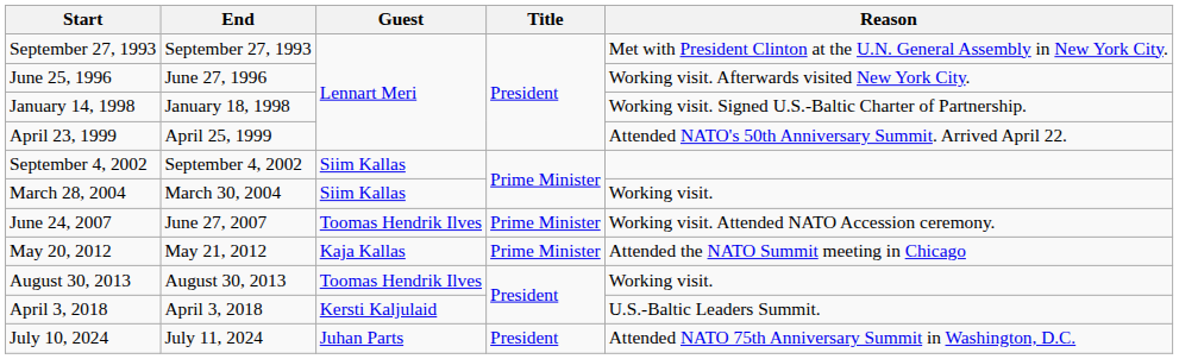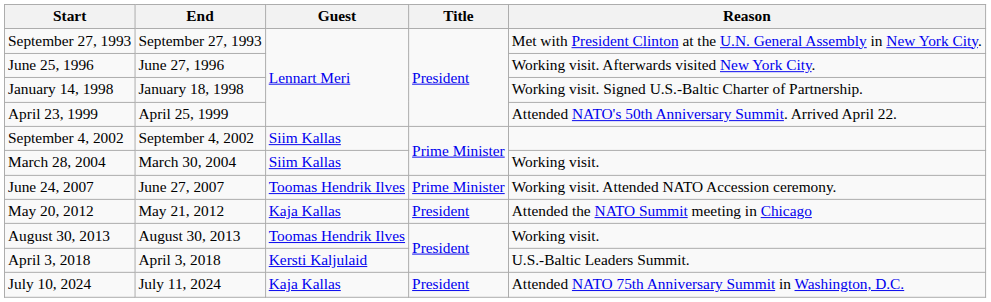 <table class="wikitable sortable">
 <tr>
 <th>Start</th>
 <th>End</th>
 <th>Guest</th>
 <th>Title</th>
 <th>Reason</th>
 </tr>
 <tr>
 <td>September 27, 1993</td>
 <td>September 27, 1993</td>
 <td rowspan=4><a href='#'>Lennart Meri</a></td>
 <td rowspan=4><a href='#'>President</a></td>
 <td>Met with <a href='#'>President Clinton</a> at the <a href='#'>U.N. General Assembly</a> in <a href='#'>New York City</a>.</td>
 </tr>
 <tr>
 <td>June 25, 1996</td>
 <td>June 27, 1996</td>
 <td>Working visit. Afterwards visited <a href='#'>New York City</a>.</td>
 </tr>
 <tr>
 <td>January 14, 1998</td>
 <td>January 18, 1998</td>
 <td>Working visit. Signed U.S.-Baltic Charter of Partnership.</td>
 </tr>
 <tr>
 <td>April 23, 1999</td>
 <td>April 25, 1999</td>
 <td>Attended <a href='#'>NATO's 50th Anniversary Summit</a>. Arrived April 22.</td>
 </tr>
 <tr>
 <td>September 4, 2002</td>
 <td>September 4, 2002</td>
 <td><a href='#'>Siim Kallas</a></td>
 <td rowspan=2><a href='#'>Prime Minister</a></td>
 <td></td>
 </tr>
 <tr>
 <td>March 28, 2004</td>
 <td>March 30, 2004</td>
 <td><a href='#'>Siim Kallas</a></td>
 <td>Working visit.</td>
 </tr>
 <tr>
 <td>June 24, 2007</td>
 <td>June 27, 2007</td>
 <td><a href='#'>Toomas Hendrik Ilves</a></td>
 <td><a href='#'>Prime Minister</a></td>
 <td>Working visit. Attended NATO Accession ceremony.</td>
 </tr>
 <tr>
 <td>May 20, 2012</td>
 <td>May 21, 2012</td>
 <td><a href='#'>Kaja Kallas</a></td>
-<td><a href='#'>Prime Minister</a></td>
+<td><a href='#'>President</a></td>
 <td>Attended the <a href='#'>NATO Summit</a> meeting in <a href='#'>Chicago</a></td>
 </tr>
 <tr>
 <td>August 30, 2013</td>
 <td>August 30, 2013</td>
 <td><a href='#'>Toomas Hendrik Ilves</a></td>
 <td rowspan=2><a href='#'>President</a></td>
 <td>Working visit.</td>
 </tr>
 <tr>
 <td>April 3, 2018</td>
 <td>April 3, 2018</td>
 <td><a href='#'>Kersti Kaljulaid</a></td>
 <td>U.S.-Baltic Leaders Summit.</td>
 </tr>
 <tr>
 <td>July 10, 2024</td>
 <td>July 11, 2024</td>
-<td><a href='#'>Juhan Parts</a></td>
+<td><a href='#'>Kaja Kallas</a></td>
 <td><a href='#'>President</a></td>
 <td>Attended <a href='#'>NATO 75th Anniversary Summit</a> in <a href='#'>Washington, D.C.</a></td>
 </tr>
 </table>
